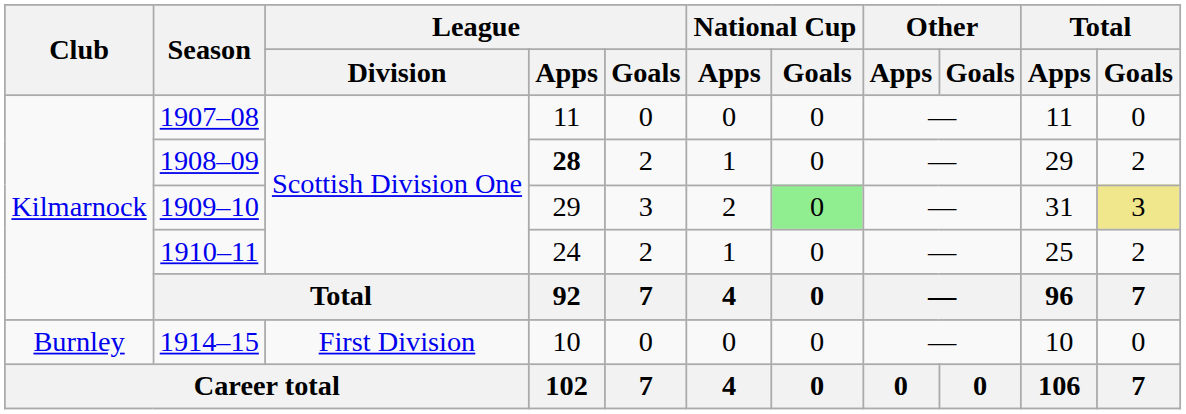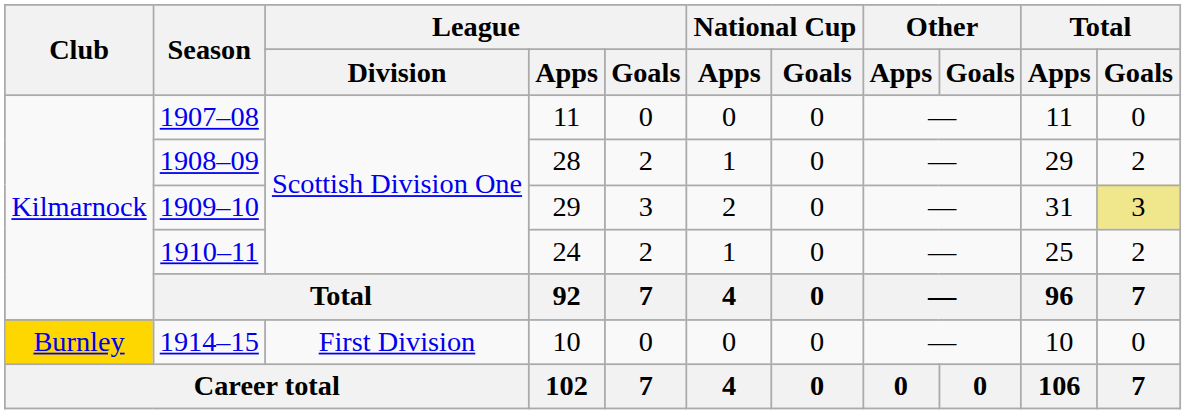 <table class="wikitable" style="text-align: center">
 <tr>
 <th rowspan="2">Club</th>
 <th rowspan="2">Season</th>
 <th colspan="3">League</th>
 <th colspan="2">National Cup</th>
 <th colspan="2">Other</th>
 <th colspan="2">Total</th>
 </tr>
 <tr>
 <th>Division</th>
 <th>Apps</th>
 <th>Goals</th>
 <th>Apps</th>
 <th>Goals</th>
 <th>Apps</th>
 <th>Goals</th>
 <th>Apps</th>
 <th>Goals</th>
 </tr>
 <tr>
 <td rowspan="5"><a href='#'>Kilmarnock</a></td>
 <td><a href='#'>1907–08</a></td>
 <td rowspan="4"><a href='#'>Scottish Division One</a></td>
 <td>11</td>
 <td>0</td>
 <td>0</td>
 <td>0</td>
 <td colspan="2">—</td>
 <td>11</td>
 <td>0</td>
 </tr>
 <tr>
 <td><a href='#'>1908–09</a></td>
-<td><strong>28</strong></td>
+<td>28</td>
 <td>2</td>
 <td>1</td>
 <td>0</td>
 <td colspan="2">—</td>
 <td>29</td>
 <td>2</td>
 </tr>
 <tr>
 <td><a href='#'>1909–10</a></td>
 <td>29</td>
 <td>3</td>
 <td>2</td>
-<td style="background: lightgreen;">0</td>
+<td>0</td>
 <td colspan="2">—</td>
 <td>31</td>
 <td style="background: khaki;">3</td>
 </tr>
 <tr>
 <td><a href='#'>1910–11</a></td>
 <td>24</td>
 <td>2</td>
 <td>1</td>
 <td>0</td>
 <td colspan="2">—</td>
 <td>25</td>
 <td>2</td>
 </tr>
 <tr>
 <th colspan="2">Total</th>
 <th>92</th>
 <th>7</th>
 <th>4</th>
 <th>0</th>
 <th colspan="2">—</th>
 <th>96</th>
 <th>7</th>
 </tr>
 <tr>
-<td><a href='#'>Burnley</a></td>
+<td style="background: gold;"><a href='#'>Burnley</a></td>
 <td><a href='#'>1914–15</a></td>
 <td><a href='#'>First Division</a></td>
 <td>10</td>
 <td>0</td>
 <td>0</td>
 <td>0</td>
 <td colspan="2">—</td>
 <td>10</td>
 <td>0</td>
 </tr>
 <tr>
 <th colspan="3">Career total</th>
 <th>102</th>
 <th>7</th>
 <th>4</th>
 <th>0</th>
 <th>0</th>
 <th>0</th>
 <th>106</th>
 <th>7</th>
 </tr>
 </table>
